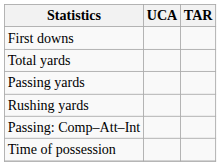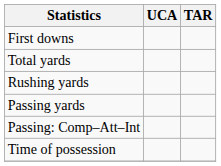 <table class="wikitable" style="float: left;">
 <tr>
 <th>Statistics</th>
 <th>UCA</th>
 <th>TAR</th>
 </tr>
 <tr>
 <td>First downs</td>
 <td></td>
 <td></td>
 </tr>
 <tr>
 <td>Total yards</td>
 <td></td>
 <td></td>
 </tr>
 <tr>
-<td>Passing yards</td>
+<td>Rushing yards</td>
 <td></td>
 <td></td>
 </tr>
 <tr>
-<td>Rushing yards</td>
+<td>Passing yards</td>
 <td></td>
 <td></td>
 </tr>
 <tr>
 <td>Passing: Comp–Att–Int</td>
 <td></td>
 <td></td>
 </tr>
 <tr>
 <td>Time of possession</td>
 <td></td>
 <td></td>
 </tr>
 <tr>
 </tr>
 </table>
